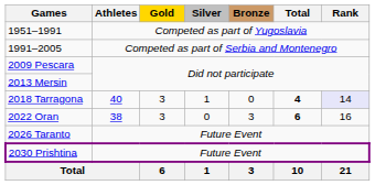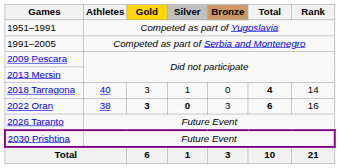 <table class="wikitable" style="text-align:center; font-size:98%;">
 <tr>
 <th width=120px>Games</th>
 <th>Athletes</th>
 <td style="background:gold; width:3.7em; font-weight:bold;">Gold</td>
 <td style="background:silver; width:3.7em; font-weight:bold;">Silver</td>
 <td style="background:#c96; width:3.7em; font-weight:bold;">Bronze</td>
 <th style="width:4em; font-weight:bold;">Total</th>
 <th style="width:4em; font-weight:bold;">Rank</th>
 </tr>
 <tr>
 <td align=left>1951–1991</td>
 <td colspan=6><em>Competed as part of <a href='#'>Yugoslavia</a></em></td>
 </tr>
 <tr>
 <td align=left>1991–2005</td>
 <td colspan=6><em>Competed as part of <a href='#'>Serbia and Montenegro</a></em></td>
 </tr>
 <tr>
 <td align=left> <a href='#'>2009 Pescara</a></td>
 <td colspan=6 rowspan=2><em>Did not participate</em></td>
 </tr>
 <tr>
 <td align=left> <a href='#'>2013 Mersin</a></td>
 </tr>
 <tr>
 <td align=left> <a href='#'>2018 Tarragona</a></td>
 <td><a href='#'>40</a></td>
 <td>3</td>
 <td>1</td>
 <td>0</td>
 <td><strong>4</strong></td>
-<td style="background: lavender;">14</td>
+<td>14</td>
 </tr>
 <tr>
 <td align=left> <a href='#'>2022 Oran</a></td>
 <td><a href='#'>38</a></td>
-<td>3</td>
-<td>0</td>
+<td><strong>3</strong></td>
+<td><strong>0</strong></td>
 <td>3</td>
 <td><strong>6</strong></td>
 <td>16</td>
 </tr>
 <tr>
 <td align=left> <a href='#'>2026 Taranto</a></td>
 <td colspan=6><em>Future Event</em></td>
 </tr>
 <tr style="border: 3px solid purple">
 <td align=left> <a href='#'>2030 Prishtina</a></td>
 <td colspan=6><em>Future Event</em></td>
 </tr>
 <tr>
 <th colspan=2>Total</th>
 <th>6</th>
 <th>1</th>
 <th>3</th>
 <th>10</th>
 <th>21</th>
 </tr>
 </table>
